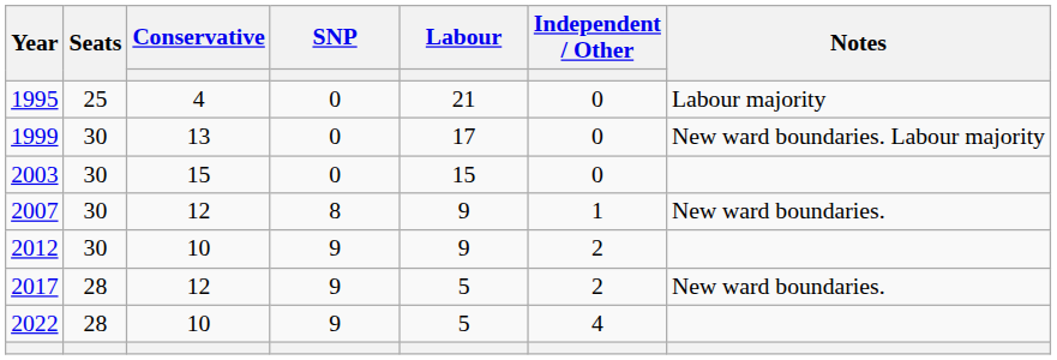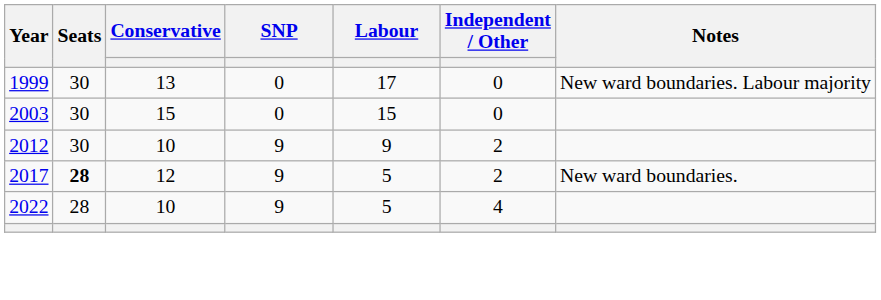 <table class="wikitable" style=text-align:center>
 <tr>
 <th rowspan=2>Year</th>
 <th rowspan=2>Seats</th>
 <th width="80"><a href='#'>Conservative</a></th>
 <th width="80"><a href='#'>SNP</a></th>
 <th width="80"><a href='#'>Labour</a></th>
 <th width="80"><a href='#'>Independent / Other</a></th>
 <th rowspan=2>Notes</th>
 </tr>
 <tr>
 <th></th>
 <th></th>
 <th></th>
 <th></th>
-</tr>
-<tr>
-<td><a href='#'>1995</a></td>
-<td>25</td>
-<td>4</td>
-<td>0</td>
-<td>21</td>
-<td>0</td>
-<td align=left>Labour majority</td>
 </tr>
 <tr>
 <td><a href='#'>1999</a></td>
 <td>30</td>
 <td>13</td>
 <td>0</td>
 <td>17</td>
 <td>0</td>
 <td align=left>New ward boundaries. Labour majority</td>
 </tr>
 <tr>
 <td><a href='#'>2003</a></td>
 <td>30</td>
 <td>15</td>
 <td>0</td>
 <td>15</td>
 <td>0</td>
 <td align=left></td>
 </tr>
 <tr>
-<td><a href='#'>2007</a></td>
-<td>30</td>
-<td>12</td>
-<td>8</td>
-<td>9</td>
-<td>1</td>
-<td align=left>New ward boundaries.</td>
-</tr>
-<tr>
 <td><a href='#'>2012</a></td>
 <td>30</td>
 <td>10</td>
 <td>9</td>
 <td>9</td>
 <td>2</td>
 <td></td>
 </tr>
 <tr>
 <td><a href='#'>2017</a></td>
-<td>28</td>
+<td><strong>28</strong></td>
 <td>12</td>
 <td>9</td>
 <td>5</td>
 <td>2</td>
 <td align=left>New ward boundaries.</td>
 </tr>
 <tr>
 <td><a href='#'>2022</a></td>
 <td>28</td>
 <td>10</td>
 <td>9</td>
 <td>5</td>
 <td>4</td>
 <td></td>
 </tr>
 <tr>
 <th></th>
 <th></th>
 <th style="background-color: "></th>
 <th style="background-color: "></th>
 <th style="background-color: "></th>
 <th style="background-color: "></th>
 <th></th>
 </tr>
 </table>
